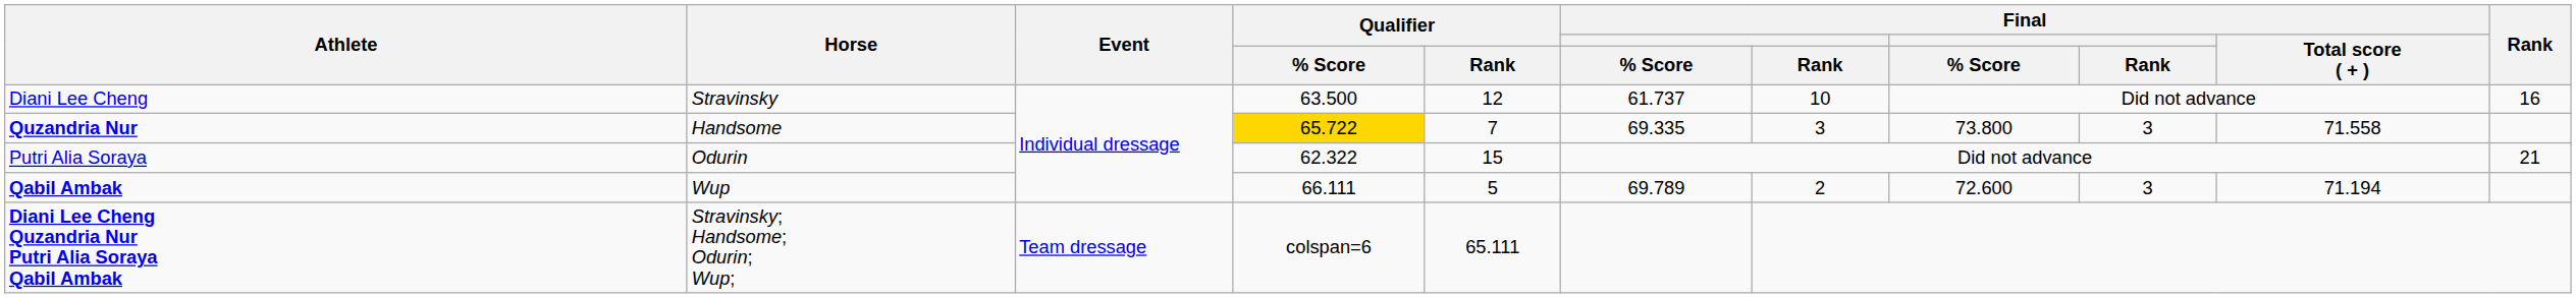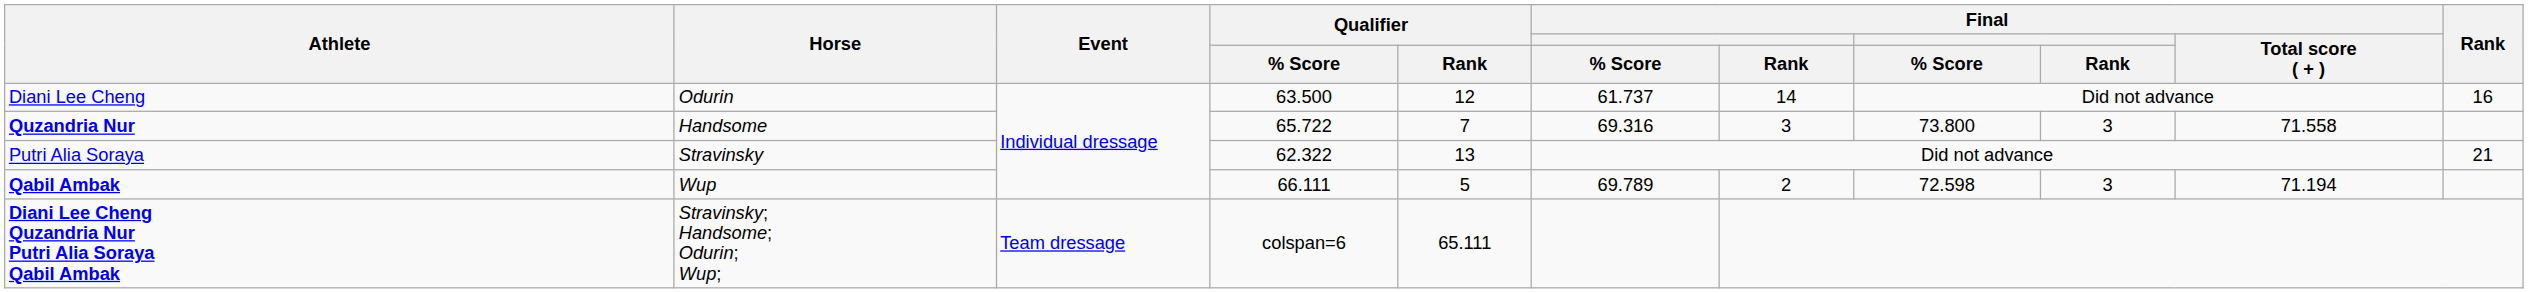 <table class=wikitable width=100% style="text-align:center; font-size:90%;">
 <tr>
 <th rowspan=3 width=25%>Athlete</th>
 <th rowspan=3 width=12%>Horse</th>
 <th rowspan=3 width=8%>Event</th>
 <th rowspan=2 colspan=2 width=12%>Qualifier</th>
 <th colspan=5 width=24%>Final</th>
 <th rowspan=3 width=3%>Rank</th>
 </tr>
 <tr>
 <th colspan=2 width=12%></th>
 <th colspan=2 width=12%></th>
 <th rowspan=2 width=10%>Total score<br>( + )</th>
 </tr>
 <tr>
 <th width="7%">% Score</th>
 <th>Rank</th>
 <th width="7%">% Score</th>
 <th>Rank</th>
 <th width="7%">% Score</th>
 <th>Rank</th>
 </tr>
 <tr>
 <td align=left><a href='#'>Diani Lee Cheng</a></td>
-<td align=left><em>Stravinsky</em></td>
+<td align=left><em>Odurin</em></td>
 <td align=left rowspan=4><a href='#'>Individual dressage</a></td>
 <td>63.500</td>
 <td>12 <strong></strong></td>
 <td>61.737</td>
-<td>10</td>
+<td>14</td>
 <td colspan=3>Did not advance</td>
 <td>16</td>
 </tr>
 <tr>
 <td align=left><strong><a href='#'>Quzandria Nur</a></strong></td>
 <td align=left><em>Handsome</em></td>
-<td style="background: gold;">65.722</td>
+<td>65.722</td>
 <td>7 <strong></strong></td>
-<td>69.335</td>
+<td>69.316</td>
 <td>3 <strong></strong></td>
 <td>73.800</td>
 <td>3</td>
 <td>71.558</td>
 <td></td>
 </tr>
 <tr>
 <td align=left><a href='#'>Putri Alia Soraya</a></td>
-<td align=left><em>Odurin</em></td>
+<td align=left><em>Stravinsky</em></td>
 <td>62.322</td>
-<td>15</td>
+<td>13</td>
 <td colspan=5>Did not advance</td>
 <td>21</td>
 </tr>
 <tr>
 <td align=left><strong><a href='#'>Qabil Ambak</a></strong></td>
 <td align=left><em>Wup</em></td>
 <td>66.111</td>
 <td>5 <strong></strong></td>
 <td>69.789</td>
 <td>2 <strong></strong></td>
-<td>72.600</td>
+<td>72.598</td>
 <td>3</td>
 <td>71.194</td>
 <td></td>
 </tr>
 <tr>
 <td align=left><strong><a href='#'>Diani Lee Cheng</a><br><a href='#'>Quzandria Nur</a><br><a href='#'>Putri Alia Soraya</a><br><a href='#'>Qabil Ambak</a></strong></td>
 <td align=left><em>Stravinsky</em>;<br><em>Handsome</em>;<br><em>Odurin</em>;<br><em>Wup</em>;</td>
 <td align=left><a href='#'>Team dressage</a></td>
 <td>colspan=6 </td>
 <td>65.111</td>
 <td></td>
 </tr>
 </table>
